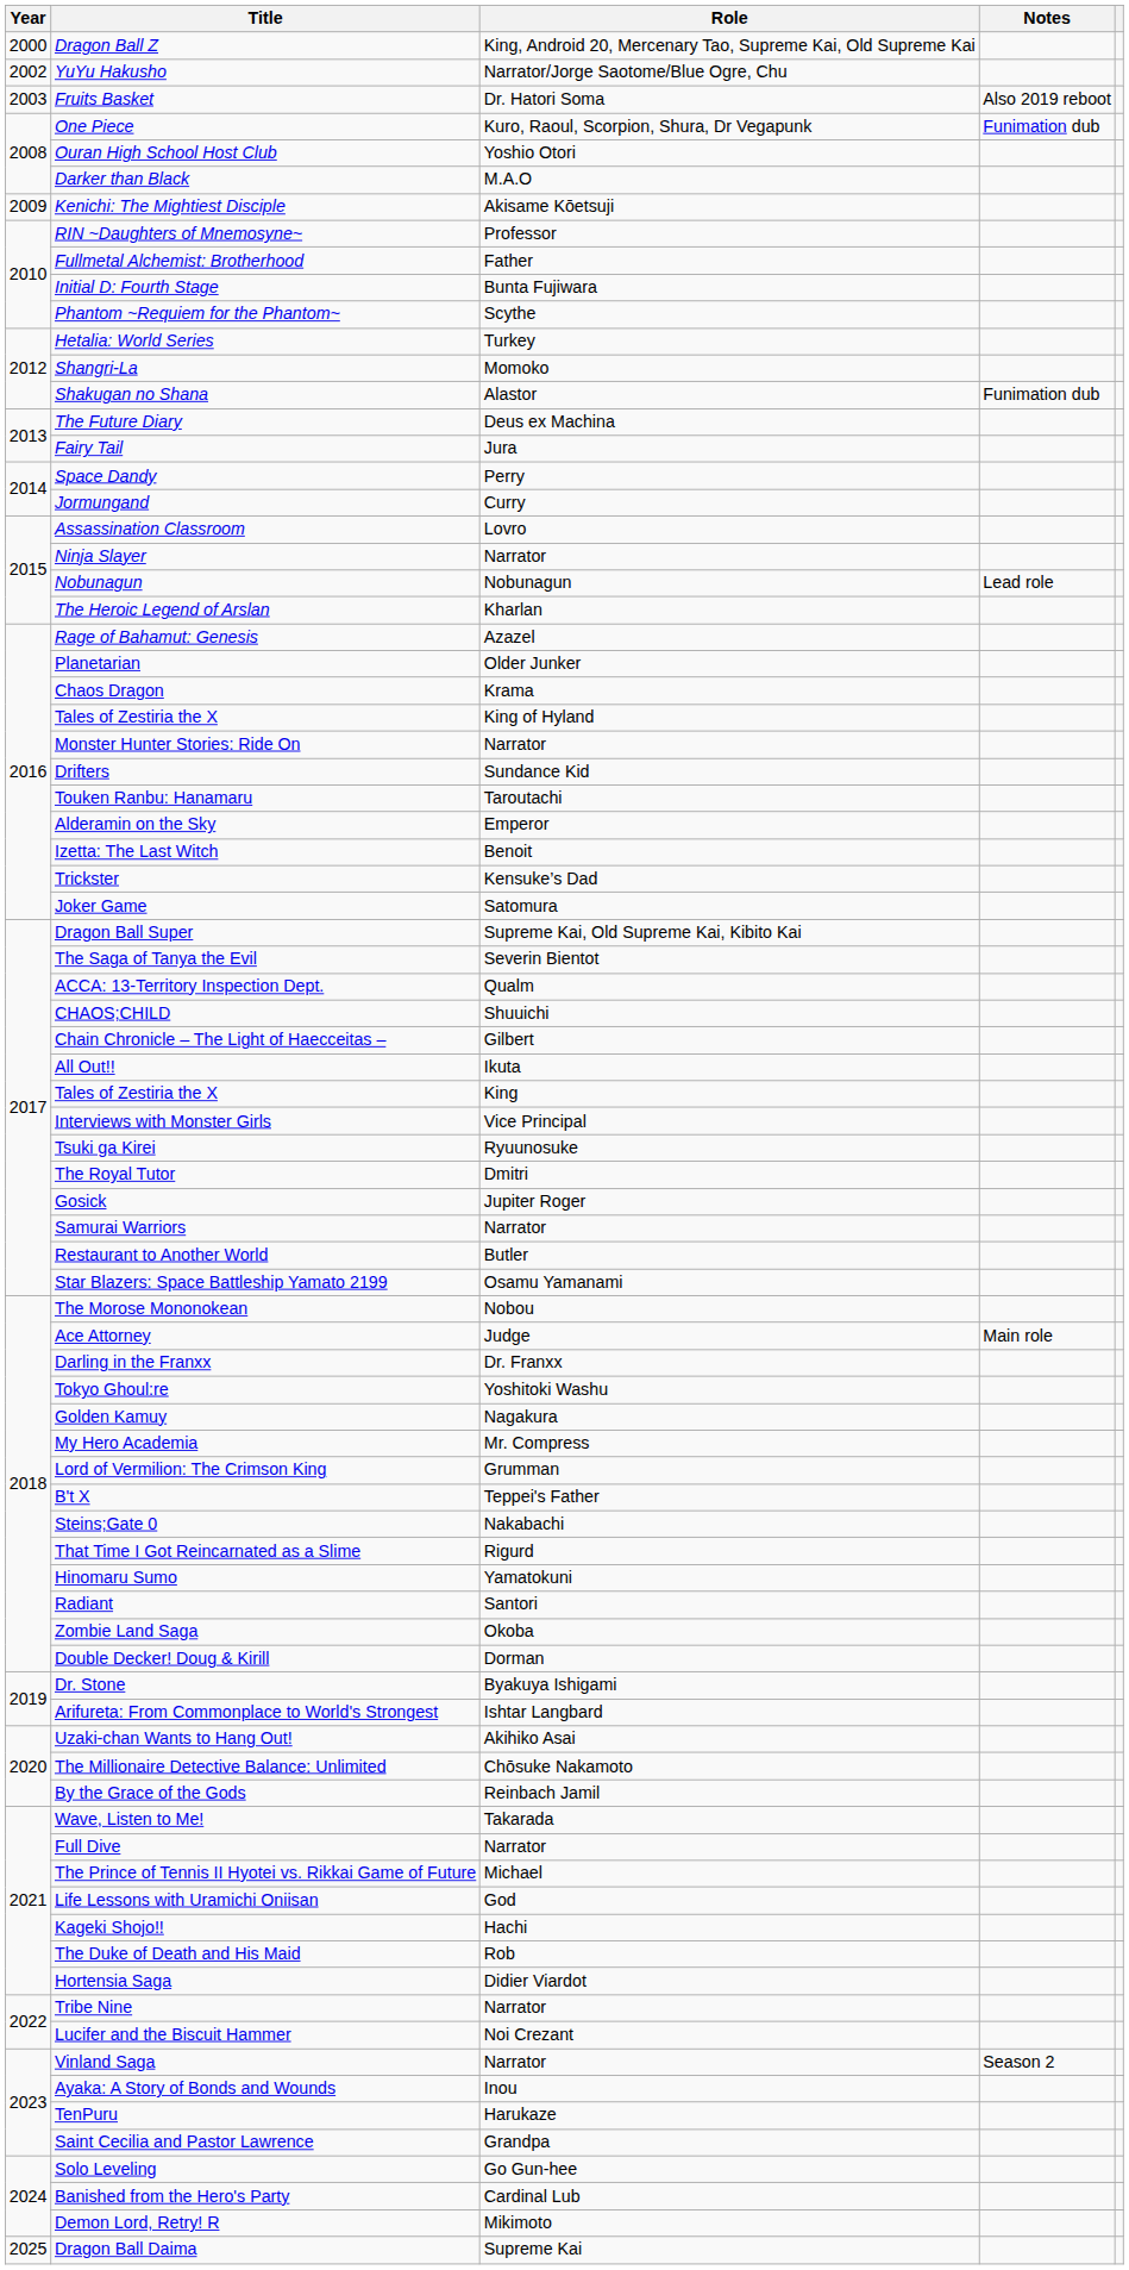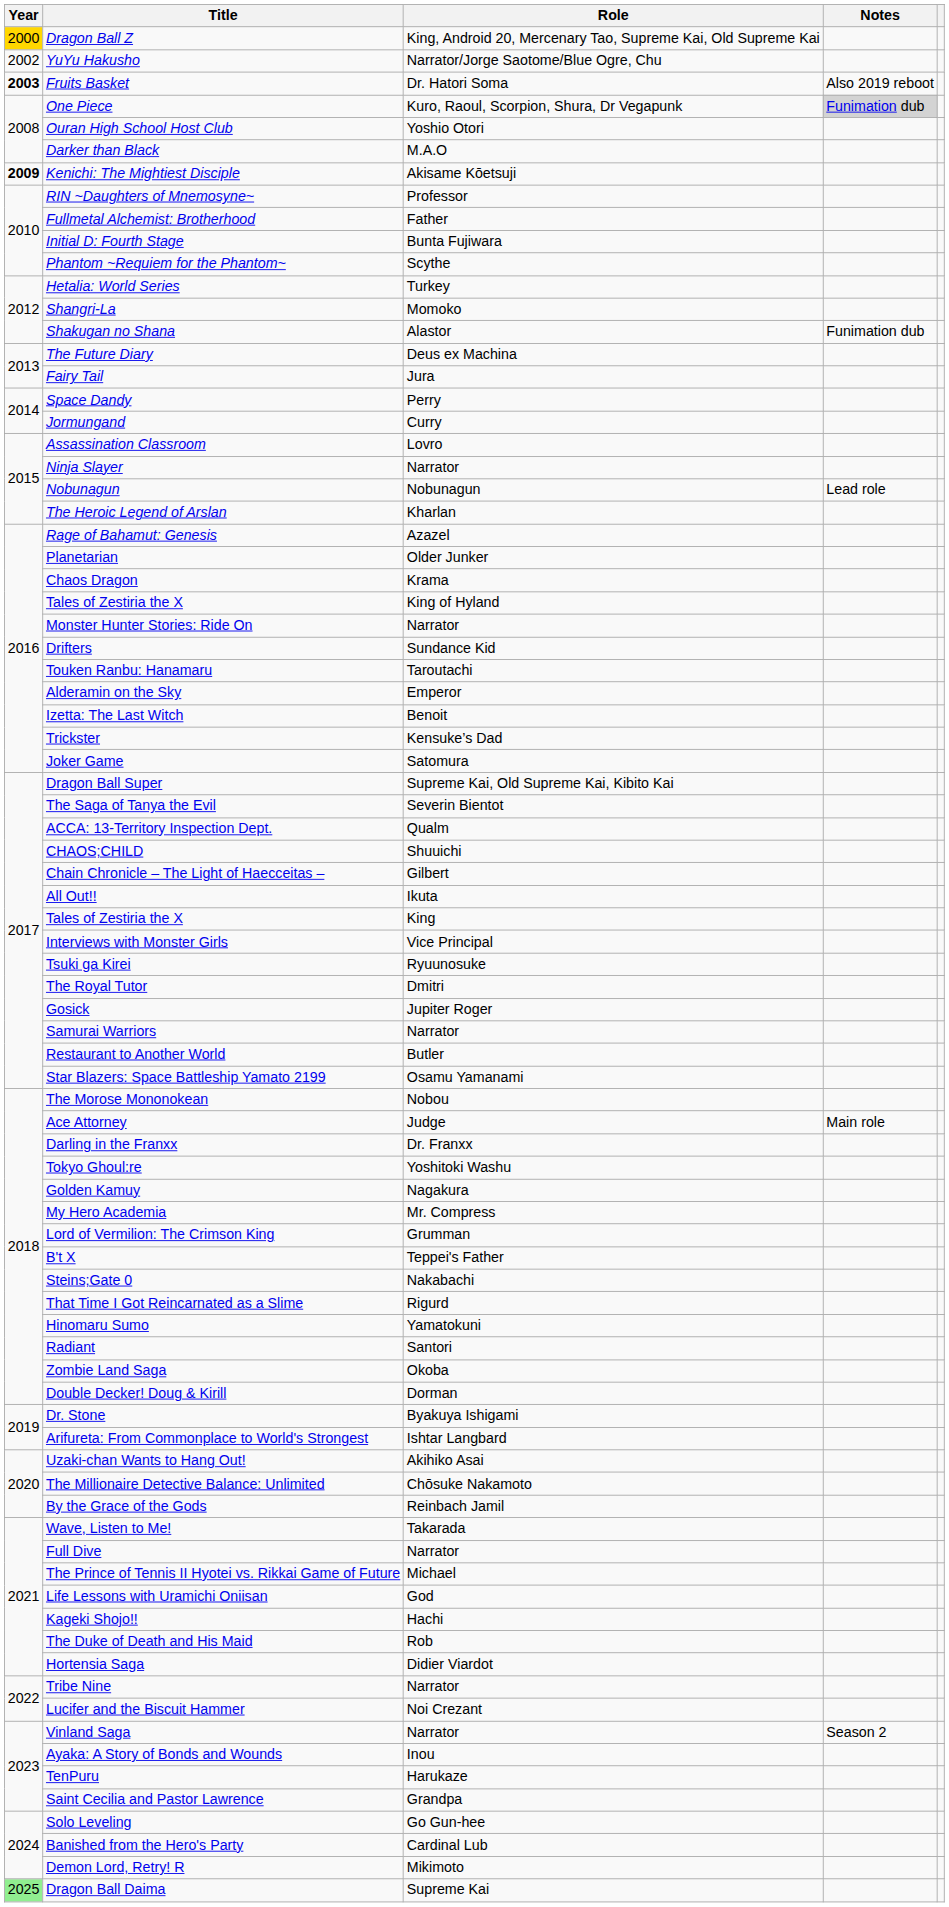 <table class="wikitable sortable plainrowheaders">
 <tr>
 <th>Year</th>
 <th>Title</th>
 <th>Role</th>
 <th class="unsortable">Notes</th>
 <th class="unsortable"></th>
 </tr>
 <tr>
-<td>2000</td>
+<td style="background: gold;">2000</td>
 <td><em><a href='#'>Dragon Ball Z</a></em></td>
 <td>King, Android 20, Mercenary Tao, Supreme Kai, Old Supreme Kai</td>
 <td></td>
 <td></td>
 </tr>
 <tr>
 <td>2002</td>
 <td><em><a href='#'>YuYu Hakusho</a></em></td>
 <td>Narrator/Jorge Saotome/Blue Ogre, Chu</td>
 <td></td>
 </tr>
 <tr>
-<td>2003</td>
+<td><strong>2003</strong></td>
 <td><em><a href='#'>Fruits Basket</a></em></td>
 <td>Dr. Hatori Soma</td>
 <td>Also 2019 reboot</td>
 <td></td>
 </tr>
 <tr>
 <td rowspan="3">2008</td>
 <td><em><a href='#'>One Piece</a></em></td>
 <td>Kuro, Raoul, Scorpion, Shura, Dr Vegapunk</td>
-<td><a href='#'>Funimation</a> dub</td>
+<td style="background: lightgrey;"><a href='#'>Funimation</a> dub</td>
 <td></td>
 </tr>
 <tr>
 <td><em><a href='#'>Ouran High School Host Club</a></em></td>
 <td>Yoshio Otori</td>
 <td></td>
 <td></td>
 </tr>
 <tr>
 <td><em><a href='#'>Darker than Black</a></em></td>
 <td>M.A.O</td>
 <td></td>
 <td></td>
 </tr>
 <tr>
-<td>2009</td>
+<td><strong>2009</strong></td>
 <td><em><a href='#'>Kenichi: The Mightiest Disciple</a></em></td>
 <td>Akisame Kōetsuji</td>
 <td></td>
 <td></td>
 </tr>
 <tr>
 <td rowspan="4">2010</td>
 <td><em><a href='#'>RIN ~Daughters of Mnemosyne~</a></em></td>
 <td>Professor</td>
 <td></td>
 <td></td>
 </tr>
 <tr>
 <td><em><a href='#'>Fullmetal Alchemist: Brotherhood</a></em></td>
 <td>Father</td>
 <td></td>
 <td></td>
 </tr>
 <tr>
 <td><em><a href='#'>Initial D: Fourth Stage</a></em></td>
 <td>Bunta Fujiwara</td>
 <td></td>
 <td></td>
 </tr>
 <tr>
 <td><em><a href='#'>Phantom ~Requiem for the Phantom~</a></em></td>
 <td>Scythe</td>
 <td></td>
 <td></td>
 </tr>
 <tr>
 <td rowspan="3">2012</td>
 <td><em><a href='#'>Hetalia: World Series</a></em></td>
 <td>Turkey</td>
 <td></td>
 <td></td>
 </tr>
 <tr>
 <td><em><a href='#'>Shangri-La</a></em></td>
 <td>Momoko</td>
 <td></td>
 <td></td>
 </tr>
 <tr>
 <td><em><a href='#'>Shakugan no Shana</a></em></td>
 <td>Alastor</td>
 <td>Funimation dub</td>
 <td></td>
 </tr>
 <tr>
 <td rowspan="2">2013</td>
 <td><em><a href='#'>The Future Diary</a></em></td>
 <td>Deus ex Machina</td>
 <td></td>
 <td></td>
 </tr>
 <tr>
 <td><em><a href='#'>Fairy Tail</a></em></td>
 <td>Jura</td>
 <td></td>
 <td></td>
 </tr>
 <tr>
 <td rowspan="2">2014</td>
 <td><em><a href='#'>Space Dandy</a></em></td>
 <td>Perry</td>
 <td></td>
 <td></td>
 </tr>
 <tr>
 <td><em><a href='#'>Jormungand</a></em></td>
 <td>Curry</td>
 <td></td>
 <td></td>
 </tr>
 <tr>
 <td rowspan="4">2015</td>
 <td><em><a href='#'>Assassination Classroom</a></em></td>
 <td>Lovro</td>
 <td></td>
 <td></td>
 </tr>
 <tr>
 <td><em><a href='#'>Ninja Slayer</a></em></td>
 <td>Narrator</td>
 <td></td>
 <td></td>
 </tr>
 <tr>
 <td><em><a href='#'>Nobunagun</a></em></td>
 <td>Nobunagun</td>
 <td>Lead role</td>
 <td></td>
 </tr>
 <tr>
 <td><em><a href='#'>The Heroic Legend of Arslan</a></em></td>
 <td>Kharlan</td>
 <td></td>
 <td></td>
 </tr>
 <tr>
 <td rowspan="11">2016</td>
 <td><em><a href='#'>Rage of Bahamut: Genesis</a></td>
 <td>Azazel</td>
 <td></td>
 <td></td>
 </tr>
 <tr>
 <td></em><a href='#'>Planetarian</a><em></td>
 <td>Older Junker</td>
 <td></td>
 <td></td>
 </tr>
 <tr>
 <td></em><a href='#'>Chaos Dragon</a><em></td>
 <td>Krama</td>
 <td></td>
 <td></td>
 </tr>
 <tr>
 <td></em><a href='#'>Tales of Zestiria the X</a><em></td>
 <td>King of Hyland</td>
 <td></td>
 <td></td>
 </tr>
 <tr>
 <td></em><a href='#'>Monster Hunter Stories: Ride On</a><em></td>
 <td>Narrator</td>
 <td></td>
 <td></td>
 </tr>
 <tr>
 <td></em><a href='#'>Drifters</a><em></td>
 <td>Sundance Kid</td>
 <td></td>
 <td></td>
 </tr>
 <tr>
 <td></em><a href='#'>Touken Ranbu: Hanamaru</a><em></td>
 <td>Taroutachi</td>
 <td></td>
 <td></td>
 </tr>
 <tr>
 <td></em><a href='#'>Alderamin on the Sky</a><em></td>
 <td>Emperor</td>
 <td></td>
 <td></td>
 </tr>
 <tr>
 <td></em><a href='#'>Izetta: The Last Witch</a><em></td>
 <td>Benoit</td>
 <td></td>
 <td></td>
 </tr>
 <tr>
 <td></em><a href='#'>Trickster</a><em></td>
 <td>Kensuke’s Dad</td>
 <td></td>
 <td></td>
 </tr>
 <tr>
 <td></em><a href='#'>Joker Game</a><em></td>
 <td>Satomura</td>
 <td></td>
 <td></td>
 </tr>
 <tr>
 <td rowspan="14">2017</td>
 <td></em><a href='#'>Dragon Ball Super</a><em></td>
 <td>Supreme Kai, Old Supreme Kai, Kibito Kai</td>
 <td></td>
 <td></td>
 </tr>
 <tr>
 <td></em><a href='#'>The Saga of Tanya the Evil</a><em></td>
 <td>Severin Bientot</td>
 <td></td>
 <td></td>
 </tr>
 <tr>
 <td></em><a href='#'>ACCA: 13-Territory Inspection Dept.</a><em></td>
 <td>Qualm</td>
 <td></td>
 <td></td>
 </tr>
 <tr>
 <td></em><a href='#'>CHAOS;CHILD</a><em></td>
 <td>Shuuichi</td>
 <td></td>
 <td></td>
 </tr>
 <tr>
 <td></em><a href='#'>Chain Chronicle – The Light of Haecceitas –</a><em></td>
 <td>Gilbert</td>
 <td></td>
 <td></td>
 </tr>
 <tr>
 <td></em><a href='#'>All Out!!</a><em></td>
 <td>Ikuta</td>
 <td></td>
 <td></td>
 </tr>
 <tr>
 <td></em><a href='#'>Tales of Zestiria the X</a><em></td>
 <td>King</td>
 <td></td>
 <td></td>
 </tr>
 <tr>
 <td></em><a href='#'>Interviews with Monster Girls</a><em></td>
 <td>Vice Principal</td>
 <td></td>
 <td></td>
 </tr>
 <tr>
 <td></em><a href='#'>Tsuki ga Kirei</a><em></td>
 <td>Ryuunosuke</td>
 <td></td>
 <td></td>
 </tr>
 <tr>
 <td></em><a href='#'>The Royal Tutor</a><em></td>
 <td>Dmitri</td>
 <td></td>
 <td></td>
 </tr>
 <tr>
 <td></em><a href='#'>Gosick</a><em></td>
 <td>Jupiter Roger</td>
 <td></td>
 <td></td>
 </tr>
 <tr>
 <td></em><a href='#'>Samurai Warriors</a><em></td>
 <td>Narrator</td>
 <td></td>
 <td></td>
 </tr>
 <tr>
 <td></em><a href='#'>Restaurant to Another World</a><em></td>
 <td>Butler</td>
 <td></td>
 <td></td>
 </tr>
 <tr>
 <td></em><a href='#'>Star Blazers: Space Battleship Yamato 2199</a><em></td>
 <td>Osamu Yamanami</td>
 <td></td>
 <td></td>
 </tr>
 <tr>
 <td rowspan="14">2018</td>
 <td></em><a href='#'>The Morose Mononokean</a><em></td>
 <td>Nobou</td>
 <td></td>
 <td></td>
 </tr>
 <tr>
 <td></em><a href='#'>Ace Attorney</a><em></td>
 <td>Judge</td>
 <td>Main role</td>
 <td></td>
 </tr>
 <tr>
 <td></em><a href='#'>Darling in the Franxx</a><em></td>
 <td>Dr. Franxx</td>
 <td></td>
 <td></td>
 </tr>
 <tr>
 <td></em><a href='#'>Tokyo Ghoul:re</a><em></td>
 <td>Yoshitoki Washu</td>
 <td></td>
 <td></td>
 </tr>
 <tr>
 <td></em><a href='#'>Golden Kamuy</a><em></td>
 <td>Nagakura</td>
 <td></td>
 <td></td>
 </tr>
 <tr>
 <td></em><a href='#'>My Hero Academia</a><em></td>
 <td>Mr. Compress</td>
 <td></td>
 <td></td>
 </tr>
 <tr>
 <td></em><a href='#'>Lord of Vermilion: The Crimson King</a><em></td>
 <td>Grumman</td>
 <td></td>
 <td></td>
 </tr>
 <tr>
 <td></em><a href='#'>B't X</a><em></td>
 <td>Teppei's Father</td>
 <td></td>
 <td></td>
 </tr>
 <tr>
 <td></em><a href='#'>Steins;Gate 0</a><em></td>
 <td>Nakabachi</td>
 <td></td>
 <td></td>
 </tr>
 <tr>
 <td></em><a href='#'>That Time I Got Reincarnated as a Slime</a><em></td>
 <td>Rigurd</td>
 <td></td>
 <td></td>
 </tr>
 <tr>
 <td></em><a href='#'>Hinomaru Sumo</a><em></td>
 <td>Yamatokuni</td>
 <td></td>
 <td></td>
 </tr>
 <tr>
 <td></em><a href='#'>Radiant</a><em></td>
 <td>Santori</td>
 <td></td>
 <td></td>
 </tr>
 <tr>
 <td></em><a href='#'>Zombie Land Saga</a><em></td>
 <td>Okoba</td>
 <td></td>
 <td></td>
 </tr>
 <tr>
 <td></em><a href='#'>Double Decker! Doug & Kirill</a><em></td>
 <td>Dorman</td>
 <td></td>
 <td></td>
 </tr>
 <tr>
 <td rowspan="2">2019</td>
 <td></em><a href='#'>Dr. Stone</a><em></td>
 <td>Byakuya Ishigami</td>
 <td></td>
 <td></td>
 </tr>
 <tr>
 <td></em><a href='#'>Arifureta: From Commonplace to World's Strongest</a><em></td>
 <td>Ishtar Langbard</td>
 <td></td>
 <td></td>
 </tr>
 <tr>
 <td rowspan="3">2020</td>
 <td></em><a href='#'>Uzaki-chan Wants to Hang Out!</a><em></td>
 <td>Akihiko Asai</td>
 <td></td>
 <td></td>
 </tr>
 <tr>
 <td></em><a href='#'>The Millionaire Detective Balance: Unlimited</a><em></td>
 <td>Chōsuke Nakamoto</td>
 <td></td>
 <td></td>
 </tr>
 <tr>
 <td></em><a href='#'>By the Grace of the Gods</a><em></td>
 <td>Reinbach Jamil</td>
 <td></td>
 <td></td>
 </tr>
 <tr>
 <td rowspan="7">2021</td>
 <td></em><a href='#'>Wave, Listen to Me!</a><em></td>
 <td>Takarada</td>
 <td></td>
 <td></td>
 </tr>
 <tr>
 <td></em><a href='#'>Full Dive</a><em></td>
 <td>Narrator</td>
 <td></td>
 <td></td>
 </tr>
 <tr>
 <td></em><a href='#'>The Prince of Tennis II Hyotei vs. Rikkai Game of Future</a><em></td>
 <td>Michael</td>
 <td></td>
 <td></td>
 </tr>
 <tr>
 <td></em><a href='#'>Life Lessons with Uramichi Oniisan</a><em></td>
 <td>God</td>
 <td></td>
 <td></td>
 </tr>
 <tr>
 <td></em><a href='#'>Kageki Shojo!!</a><em></td>
 <td>Hachi</td>
 <td></td>
 <td></td>
 </tr>
 <tr>
 <td></em><a href='#'>The Duke of Death and His Maid</a><em></td>
 <td>Rob</td>
 <td></td>
 <td></td>
 </tr>
 <tr>
 <td></em><a href='#'>Hortensia Saga</a><em></td>
 <td>Didier Viardot</td>
 <td></td>
 <td></td>
 </tr>
 <tr>
 <td rowspan="2">2022</td>
 <td></em><a href='#'>Tribe Nine</a><em></td>
 <td>Narrator</td>
 <td></td>
 <td></td>
 </tr>
 <tr>
 <td></em><a href='#'>Lucifer and the Biscuit Hammer</a><em></td>
 <td>Noi Crezant</td>
 <td></td>
 <td></td>
 </tr>
 <tr>
 <td rowspan="4">2023</td>
 <td></em><a href='#'>Vinland Saga</a><em></td>
 <td>Narrator</td>
 <td>Season 2</td>
 <td></td>
 </tr>
 <tr>
 <td></em><a href='#'>Ayaka: A Story of Bonds and Wounds</a><em></td>
 <td>Inou</td>
 <td></td>
 <td></td>
 </tr>
 <tr>
 <td></em><a href='#'>TenPuru</a><em></td>
 <td>Harukaze</td>
 <td></td>
 <td></td>
 </tr>
 <tr>
 <td></em><a href='#'>Saint Cecilia and Pastor Lawrence</a><em></td>
 <td>Grandpa</td>
 <td></td>
 <td></td>
 </tr>
 <tr>
 <td rowspan="3">2024</td>
 <td></em><a href='#'>Solo Leveling</a><em></td>
 <td>Go Gun-hee</td>
 <td></td>
 <td></td>
 </tr>
 <tr>
 <td></em><a href='#'>Banished from the Hero's Party</a><em></td>
 <td>Cardinal Lub</td>
 <td></td>
 <td></td>
 </tr>
 <tr>
 <td></em><a href='#'>Demon Lord, Retry! R</a><em></td>
 <td>Mikimoto</td>
 <td></td>
 <td></td>
 </tr>
 <tr>
-<td>2025</td>
+<td style="background: lightgreen;">2025</td>
 <td></em><a href='#'>Dragon Ball Daima</a><em></td>
 <td>Supreme Kai</td>
 <td></td>
 <td></td>
 </tr>
 </table>
